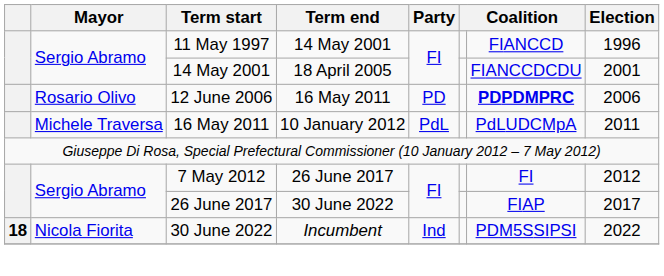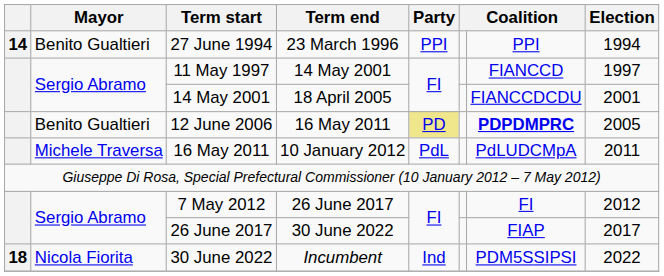 <table class="wikitable">
 <tr>
 <th class=unsortable> </th>
 <th>Mayor</th>
 <th>Term start</th>
 <th>Term end</th>
 <th>Party</th>
 <th colspan="2">Coalition</th>
 <th>Election</th>
 </tr>
 <tr>
+<th style="background:"><strong>14</strong></th>
+<td>Benito Gualtieri</td>
+<td align=center>27 June 1994</td>
+<td align=center>23 March 1996</td>
+<td align=center><a href='#'>PPI</a></td>
+<td style="background:"></td>
+<td align=center><a href='#'>PPI</a></td>
+<td align=center>1994</td>
+</tr>
+<tr>
 <th rowspan=2 style="background:"></th>
 <td rowspan=2><a href='#'>Sergio Abramo</a></td>
 <td align=center>11 May 1997</td>
 <td align=center>14 May 2001</td>
 <td rowspan=2 align=center><a href='#'>FI</a></td>
 <td style="background:"></td>
 <td align=center><a href='#'>FI</a><a href='#'>AN</a><a href='#'>CCD</a></td>
-<td align=center>1996</td>
+<td align=center>1997</td>
 </tr>
 <tr>
 <td align=center>14 May 2001</td>
 <td align=center>18 April 2005</td>
 <td style="background:"></td>
 <td align=center><a href='#'>FI</a><a href='#'>AN</a><a href='#'>CCD</a><a href='#'>CDU</a></td>
 <td align=center>2001</td>
 </tr>
 <tr>
 <th style="background:"></th>
-<td><a href='#'>Rosario Olivo</a></td>
+<td>Benito Gualtieri</td>
 <td align=center>12 June 2006</td>
 <td align=center>16 May 2011</td>
-<td align=center><a href='#'>PD</a></td>
+<td align=center style="background: khaki;"><a href='#'>PD</a></td>
 <td style="background:"></td>
 <td align=center><strong><a href='#'>PD</a><a href='#'>PDM</a><a href='#'>PRC</a></strong></td>
-<td align=center>2006</td>
+<td align=center>2005</td>
 </tr>
 <tr>
 <th style="background:"></th>
 <td><a href='#'>Michele Traversa</a></td>
 <td align=center>16 May 2011</td>
 <td align=center>10 January 2012</td>
 <td align=center><a href='#'>PdL</a></td>
 <td style="background:"></td>
 <td align=center><a href='#'>PdL</a><a href='#'>UDC</a><a href='#'>MpA</a></td>
 <td align=center>2011</td>
 </tr>
 <tr>
 <td colspan=8 align=center><small><em>Giuseppe Di Rosa, Special Prefectural Commissioner (10 January 2012 – 7 May 2012)</em></small></td>
 </tr>
 <tr>
 <th rowspan=2 style="background:"></th>
 <td rowspan=2><a href='#'>Sergio Abramo</a></td>
 <td align=center>7 May 2012</td>
 <td align=center>26 June 2017</td>
 <td rowspan=2 align=center><a href='#'>FI</a></td>
 <td style="background:"></td>
 <td align=center><a href='#'>FI</a></td>
 <td align=center>2012</td>
 </tr>
 <tr>
 <td align=center>26 June 2017</td>
 <td align=center>30 June 2022</td>
 <td style="background:"></td>
 <td align=center><a href='#'>FI</a><a href='#'>AP</a></td>
 <td align=center>2017</td>
 </tr>
 <tr>
 <th style="background:"><strong>18</strong></th>
 <td><a href='#'>Nicola Fiorita</a></td>
 <td align=center>30 June 2022</td>
 <td align=center><em>Incumbent</em></td>
 <td align=center><a href='#'>Ind</a></td>
 <td style="background:"></td>
 <td align=center><a href='#'>PD</a><a href='#'>M5S</a><a href='#'>SI</a><a href='#'>PSI</a></td>
 <td align=center>2022</td>
 </tr>
 <tr>
 </tr>
 </table>
